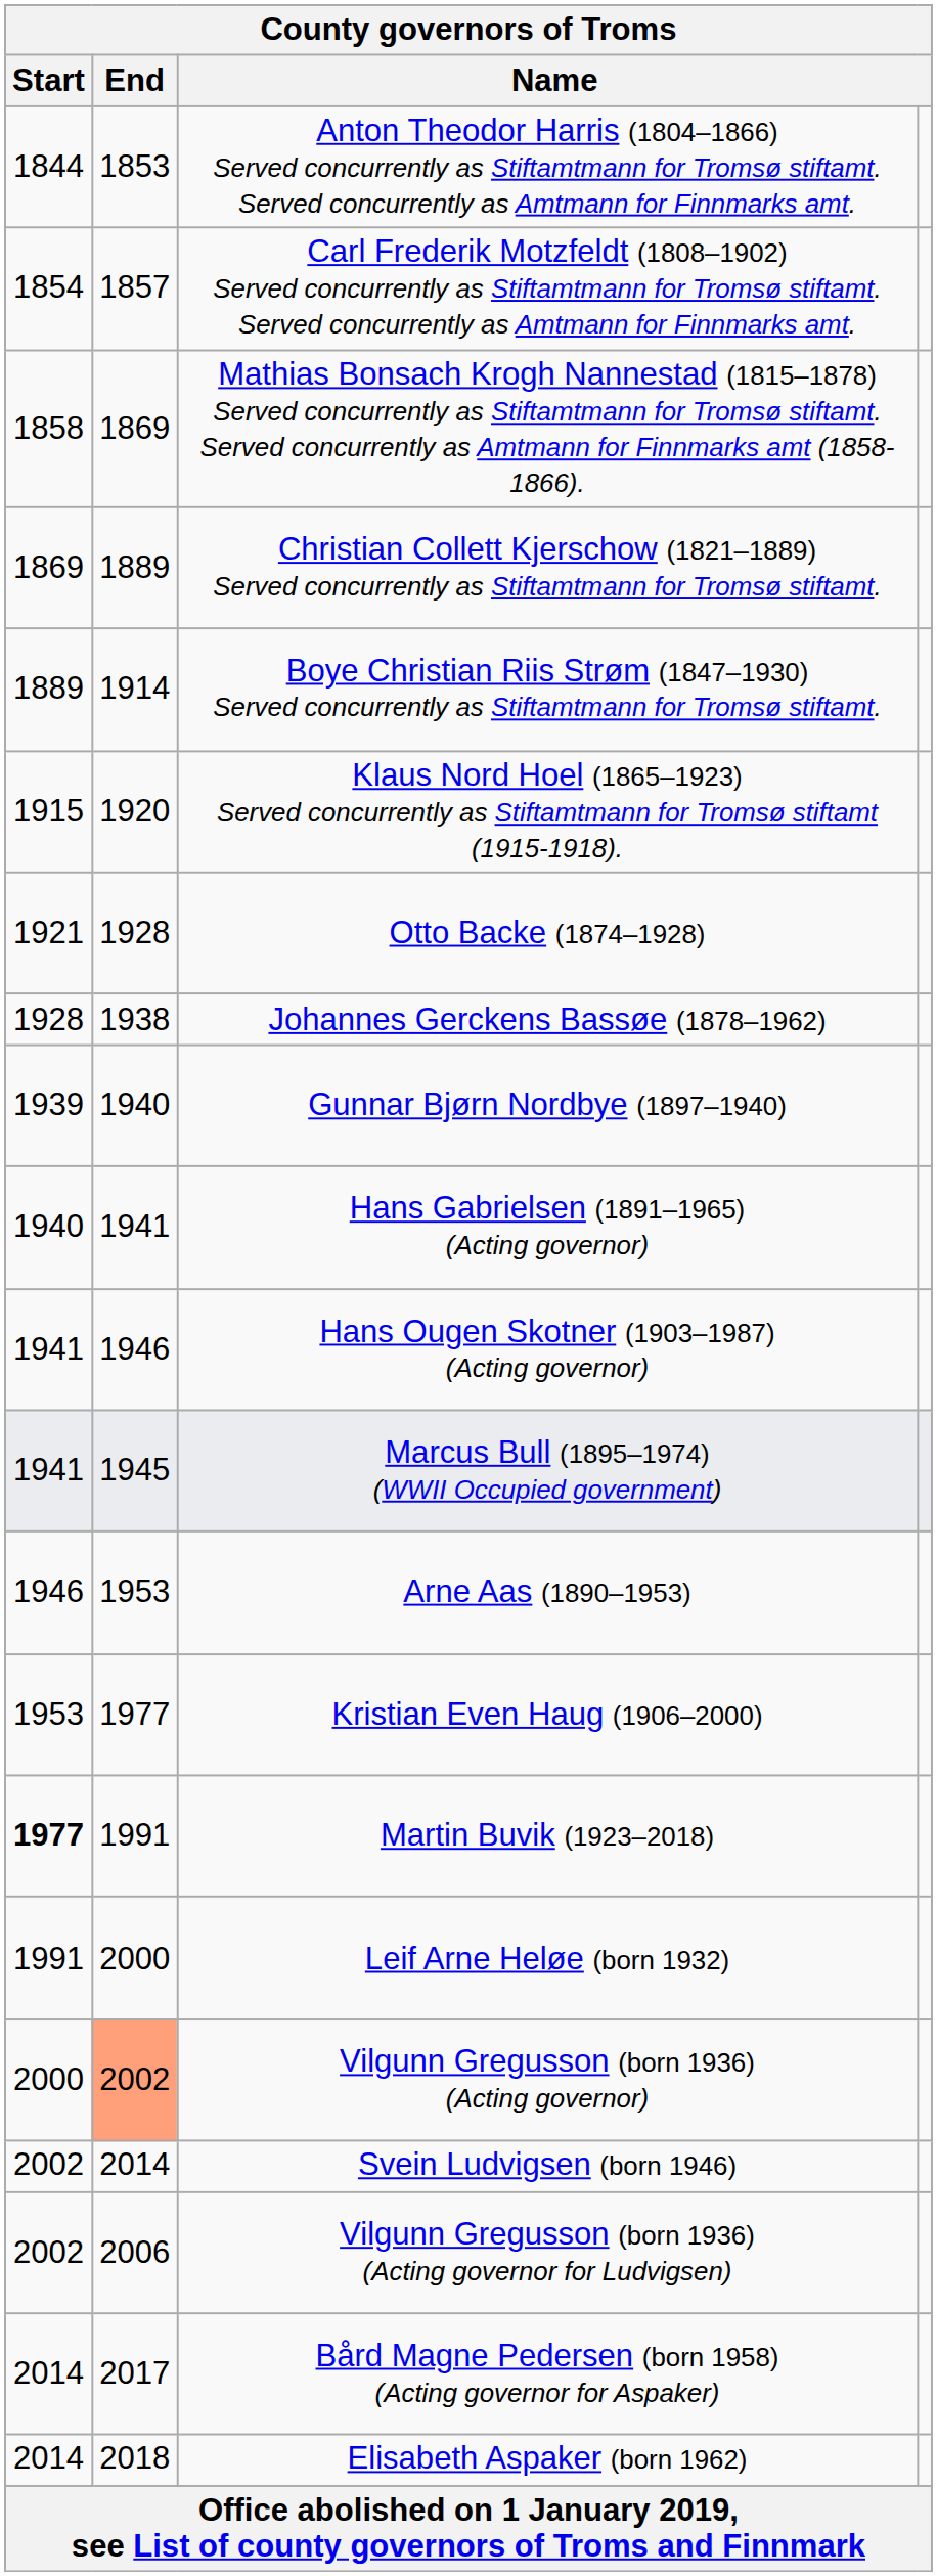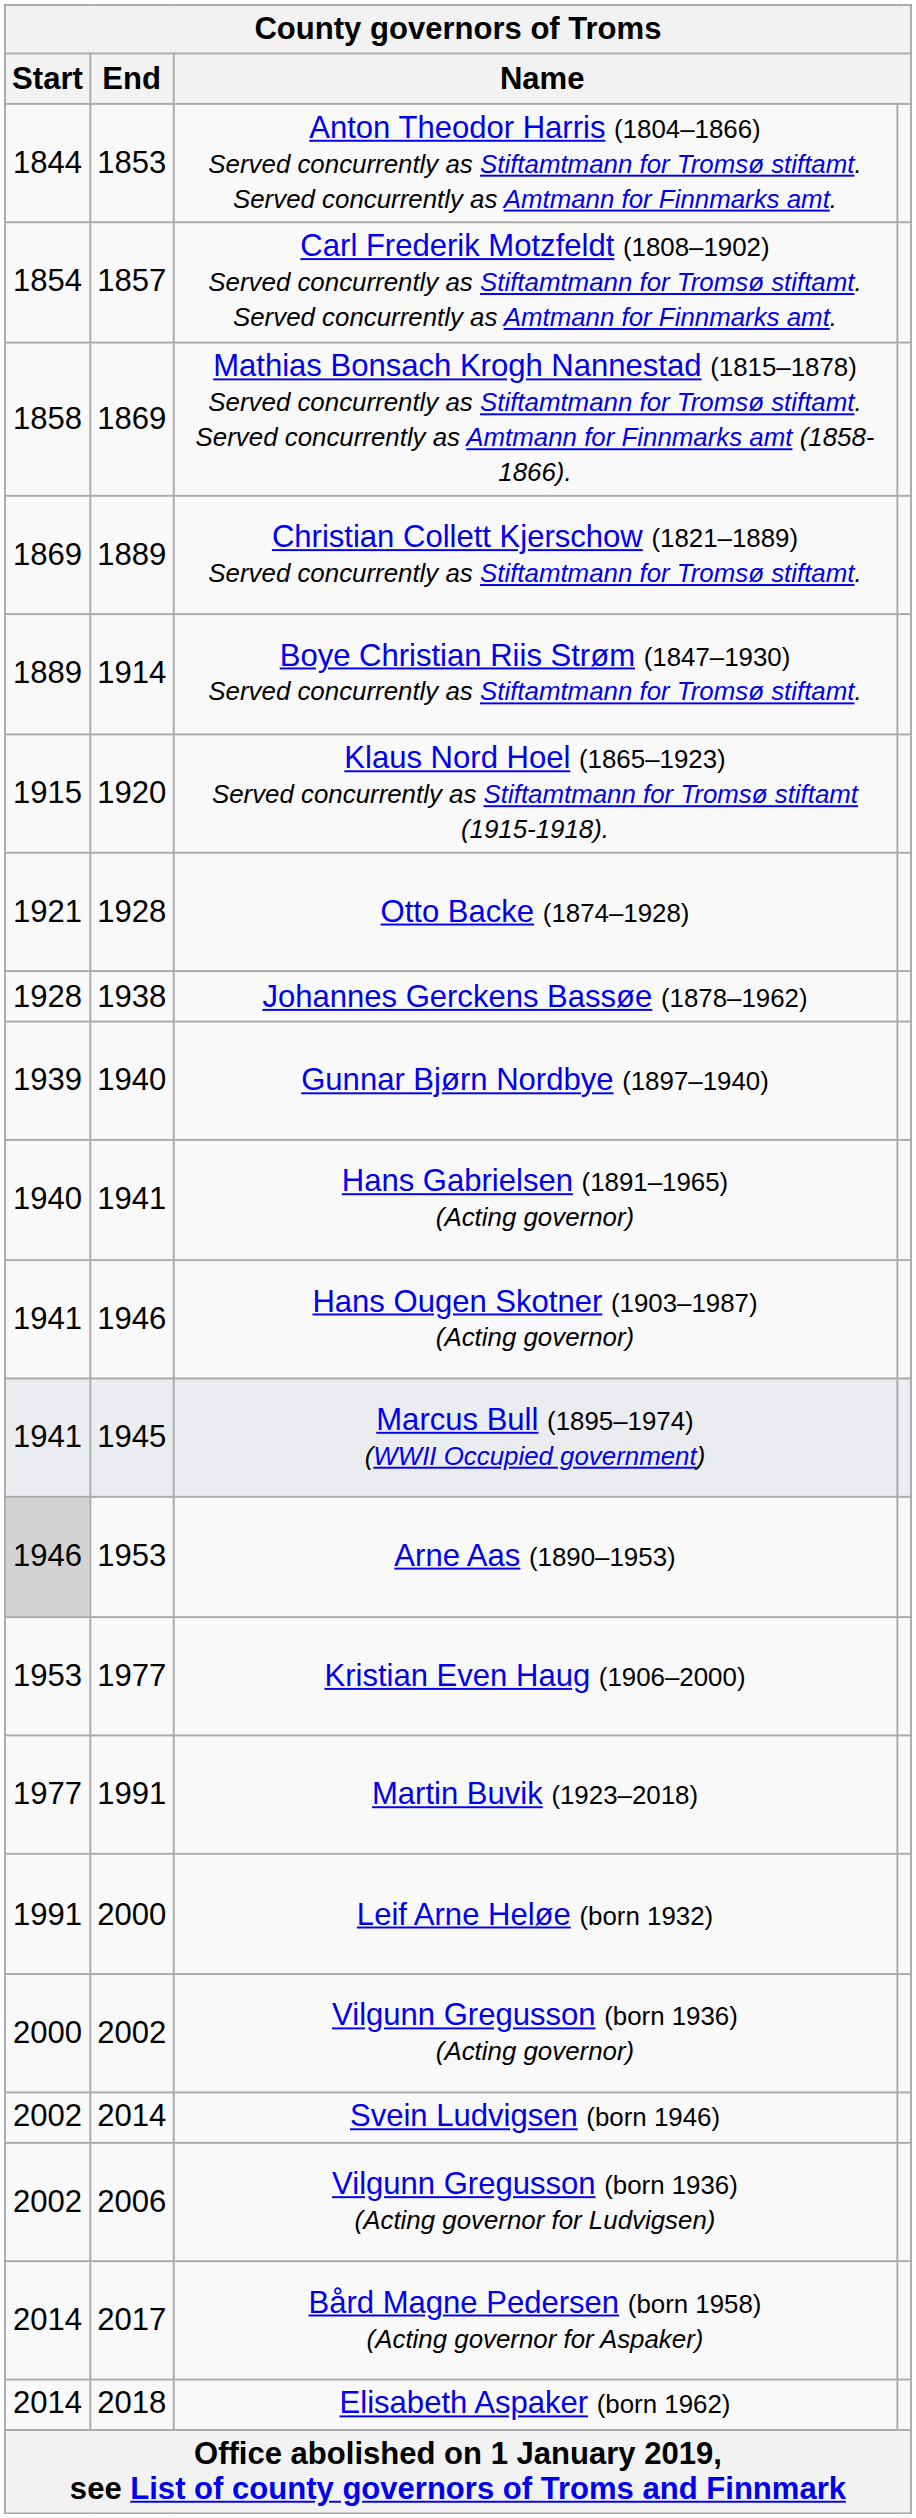 <table class="wikitable" style="text-align:center" width="75%">
 <tr>
 <th colspan=5>County governors of Troms</th>
 </tr>
 <tr>
 <th>Start</th>
 <th>End</th>
 <th colspan="2">Name</th>
 </tr>
 <tr>
 <td>1844</td>
 <td>1853</td>
 <td><a href='#'>Anton Theodor Harris</a> <small>(1804–1866)</small><br><small><em>Served concurrently as <a href='#'>Stiftamtmann for Tromsø stiftamt</a>.</em></small><br><small><em>Served concurrently as <a href='#'>Amtmann for Finnmarks amt</a>.</em></small></td>
 <td><br><br><br></td>
 </tr>
 <tr>
 <td>1854</td>
 <td>1857</td>
 <td><a href='#'>Carl Frederik Motzfeldt</a> <small>(1808–1902)</small><br><small><em>Served concurrently as <a href='#'>Stiftamtmann for Tromsø stiftamt</a>.</em></small><br><small><em>Served concurrently as <a href='#'>Amtmann for Finnmarks amt</a>.</em></small></td>
 <td></td>
 </tr>
 <tr>
 <td>1858</td>
 <td>1869</td>
 <td><a href='#'>Mathias Bonsach Krogh Nannestad</a> <small>(1815–1878)</small><br><small><em>Served concurrently as <a href='#'>Stiftamtmann for Tromsø stiftamt</a>.</em></small><br><small><em>Served concurrently as <a href='#'>Amtmann for Finnmarks amt</a> (1858-1866).</em></small></td>
 <td><br><br><br></td>
 </tr>
 <tr>
 <td>1869</td>
 <td>1889</td>
 <td><a href='#'>Christian Collett Kjerschow</a> <small>(1821–1889)</small><br><small><em>Served concurrently as <a href='#'>Stiftamtmann for Tromsø stiftamt</a>.</em></small></td>
 <td><br><br><br></td>
 </tr>
 <tr>
 <td>1889</td>
 <td>1914</td>
 <td><a href='#'>Boye Christian Riis Strøm</a> <small>(1847–1930)</small><br><small><em>Served concurrently as <a href='#'>Stiftamtmann for Tromsø stiftamt</a>.</em></small></td>
 <td><br><br><br></td>
 </tr>
 <tr>
 <td>1915</td>
 <td>1920</td>
 <td><a href='#'>Klaus Nord Hoel</a> <small>(1865–1923)</small><br><small><em>Served concurrently as <a href='#'>Stiftamtmann for Tromsø stiftamt</a> (1915-1918).</em></small></td>
 <td><br><br><br></td>
 </tr>
 <tr>
 <td>1921</td>
 <td>1928</td>
 <td><a href='#'>Otto Backe</a> <small>(1874–1928)</small></td>
 <td><br><br><br></td>
 </tr>
 <tr>
 <td>1928</td>
 <td>1938</td>
 <td><a href='#'>Johannes Gerckens Bassøe</a> <small>(1878–1962)</small></td>
 <td></td>
 </tr>
 <tr>
 <td>1939</td>
 <td>1940</td>
 <td><a href='#'>Gunnar Bjørn Nordbye</a> <small>(1897–1940)</small></td>
 <td><br><br><br></td>
 </tr>
 <tr>
 <td>1940</td>
 <td>1941</td>
 <td><a href='#'>Hans Gabrielsen</a> <small>(1891–1965)</small><br><small><em>(Acting governor)</em></small></td>
 <td><br><br><br></td>
 </tr>
 <tr>
 <td>1941</td>
 <td>1946</td>
 <td><a href='#'>Hans Ougen Skotner</a> <small>(1903–1987)</small><br><small><em>(Acting governor)</em></small></td>
 <td><br><br><br></td>
 </tr>
 <tr bgcolor="#EAECF0">
 <td>1941</td>
 <td>1945</td>
 <td><a href='#'>Marcus Bull</a> <small>(1895–1974)</small><br><small><em>(<a href='#'>WWII Occupied government</a>)</em></small></td>
 <td><br><br><br></td>
 </tr>
 <tr>
-<td>1946</td>
+<td style="background: lightgrey;">1946</td>
 <td>1953</td>
 <td><a href='#'>Arne Aas</a> <small>(1890–1953)</small></td>
 <td><br><br> <br></td>
 </tr>
 <tr>
 <td>1953</td>
 <td>1977</td>
 <td><a href='#'>Kristian Even Haug</a> <small>(1906–2000)</small></td>
 <td><br><br><br></td>
 </tr>
 <tr>
-<td><strong>1977</strong></td>
+<td>1977</td>
 <td>1991</td>
 <td><a href='#'>Martin Buvik</a> <small>(1923–2018)</small></td>
 <td><br><br><br></td>
 </tr>
 <tr>
 <td>1991</td>
 <td>2000</td>
 <td><a href='#'>Leif Arne Heløe</a> <small>(born 1932)</small></td>
 <td><br><br><br></td>
 </tr>
 <tr>
 <td>2000</td>
-<td style="background: lightsalmon;">2002</td>
+<td>2002</td>
 <td><a href='#'>Vilgunn Gregusson</a> <small>(born 1936)</small><br><small><em>(Acting governor)</em></small></td>
 <td><br><br><br></td>
 </tr>
 <tr>
 <td>2002</td>
 <td>2014</td>
 <td><a href='#'>Svein Ludvigsen</a> <small>(born 1946)</small></td>
 <td></td>
 </tr>
 <tr>
 <td>2002</td>
 <td>2006</td>
 <td><a href='#'>Vilgunn Gregusson</a> <small>(born 1936)</small><br><small><em>(Acting governor for Ludvigsen)</em></small></td>
 <td><br><br><br></td>
 </tr>
 <tr>
 <td>2014</td>
 <td>2017</td>
 <td><a href='#'>Bård Magne Pedersen</a> <small>(born 1958)</small><br><small><em>(Acting governor for Aspaker)</em></small></td>
 <td><br><br><br></td>
 </tr>
 <tr>
 <td>2014</td>
 <td>2018</td>
 <td><a href='#'>Elisabeth Aspaker</a> <small>(born 1962)</small></td>
 <td></td>
 </tr>
 <tr>
 <th colspan="4">Office abolished on 1 January 2019,<br>see <a href='#'>List of county governors of Troms and Finnmark</a></th>
 </tr>
 </table>
